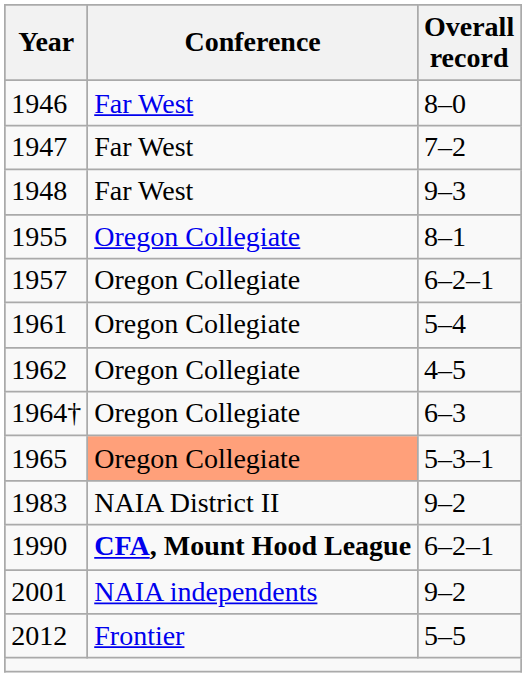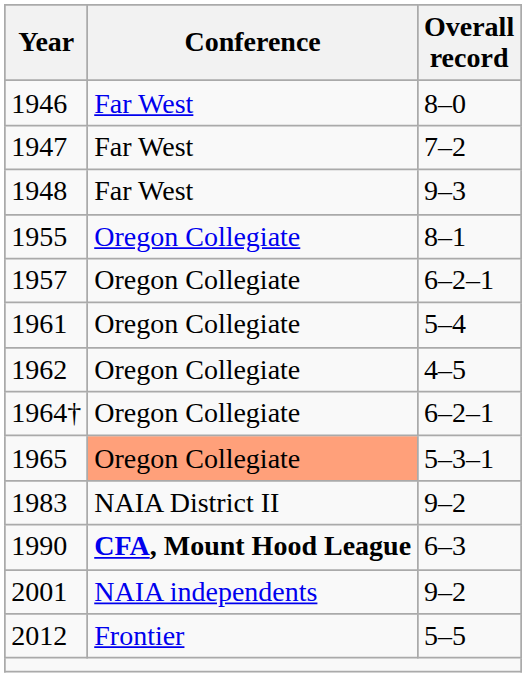 <table class="wikitable"; style= "text-align: ">
 <tr>
 <th width=0px>Year</th>
 <th width=px>Conference</th>
 <th width=px>Overall<br>record</th>
 </tr>
 <tr>
 <td>1946</td>
 <td><a href='#'>Far West</a></td>
 <td>8–0</td>
 </tr>
 <tr>
 <td>1947</td>
 <td>Far West</td>
 <td>7–2</td>
 </tr>
 <tr>
 <td>1948</td>
 <td>Far West</td>
 <td>9–3</td>
 </tr>
 <tr>
 <td>1955</td>
 <td><a href='#'>Oregon Collegiate</a></td>
 <td>8–1</td>
 </tr>
 <tr>
 <td>1957</td>
 <td>Oregon Collegiate</td>
 <td>6–2–1</td>
 </tr>
 <tr>
 <td>1961</td>
 <td>Oregon Collegiate</td>
 <td>5–4</td>
 </tr>
 <tr>
 <td>1962</td>
 <td>Oregon Collegiate</td>
 <td>4–5</td>
 </tr>
 <tr>
 <td>1964†</td>
 <td>Oregon Collegiate</td>
-<td>6–3</td>
+<td>6–2–1</td>
 </tr>
 <tr>
 <td>1965</td>
 <td style="background: lightsalmon;">Oregon Collegiate</td>
 <td>5–3–1</td>
 </tr>
 <tr>
 <td>1983</td>
 <td>NAIA District II</td>
 <td>9–2</td>
 </tr>
 <tr>
 <td>1990</td>
 <td><strong><a href='#'>CFA</a>, Mount Hood League</strong></td>
-<td>6–2–1</td>
+<td>6–3</td>
 </tr>
 <tr>
 <td>2001</td>
 <td><a href='#'>NAIA independents</a></td>
 <td>9–2</td>
 </tr>
 <tr>
 <td>2012</td>
 <td><a href='#'>Frontier</a></td>
 <td>5–5</td>
 </tr>
 <tr>
 <td colspan=4></td>
 </tr>
 </table>
